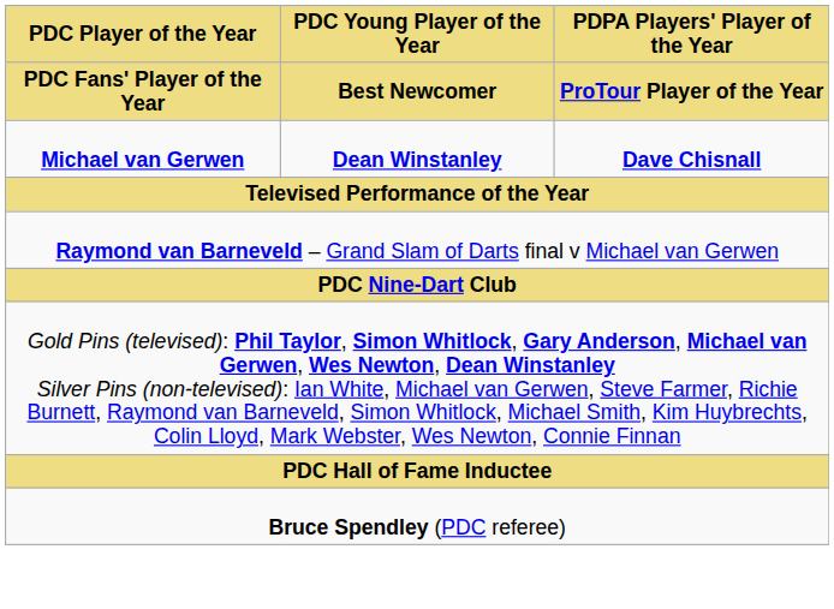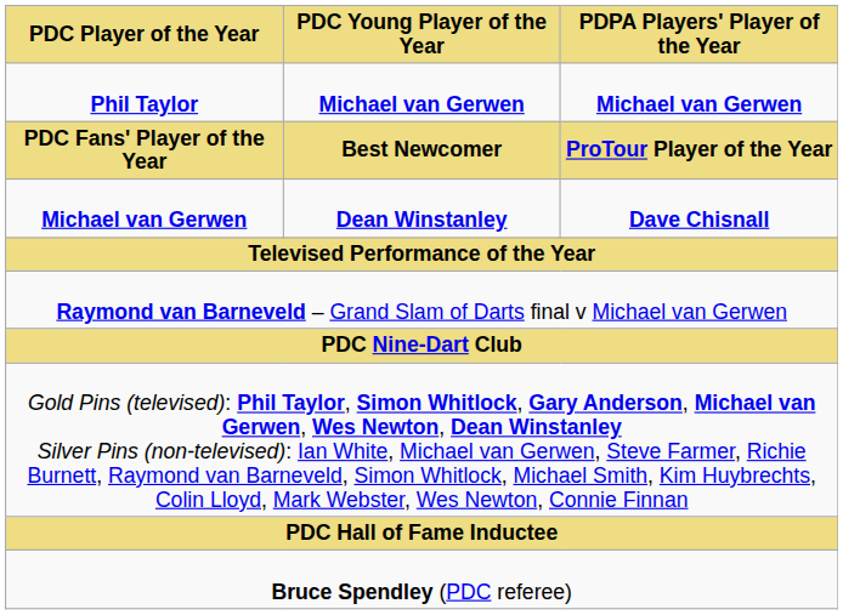 <table class="wikitable" style="width:100%; text-align:center">
 <tr>
 <th style="background:#EEDD82; width:33.33%">PDC Player of the Year</th>
 <th style="background:#EEDD82; width:33.33%">PDC Young Player of the Year</th>
 <th style="background:#EEDD82; width:33.33%">PDPA Players' Player of the Year</th>
+</tr>
+<tr>
+<td><br><strong><a href='#'>Phil Taylor</a></strong></td>
+<td><br><strong><a href='#'>Michael van Gerwen</a></strong></td>
+<td><br><strong><a href='#'>Michael van Gerwen</a></strong></td>
 </tr>
 <tr>
 <th style="background:#EEDD82;">PDC Fans' Player of the Year</th>
 <th style="background:#EEDD82;">Best Newcomer</th>
 <th style="background:#EEDD82;"><a href='#'>ProTour</a> Player of the Year</th>
 </tr>
 <tr>
 <td><br><strong><a href='#'>Michael van Gerwen</a></strong></td>
 <td><br><strong><a href='#'>Dean Winstanley</a></strong></td>
 <td><br><strong><a href='#'>Dave Chisnall</a></strong></td>
 </tr>
 <tr>
 <th colspan=3 style="background:#EEDD82;">Televised Performance of the Year</th>
 </tr>
 <tr>
 <td colspan=3><br><strong><a href='#'>Raymond van Barneveld</a></strong> – <a href='#'>Grand Slam of Darts</a> final v <a href='#'>Michael van Gerwen</a></td>
 </tr>
 <tr>
 <th colspan=3 style="background:#EEDD82;">PDC <a href='#'>Nine-Dart</a> Club</th>
 </tr>
 <tr>
 <td colspan=3><br><em>Gold Pins (televised)</em>: <strong><a href='#'>Phil Taylor</a></strong>, <strong><a href='#'>Simon Whitlock</a></strong>, <strong><a href='#'>Gary Anderson</a></strong>, <strong><a href='#'>Michael van Gerwen</a></strong>, <strong><a href='#'>Wes Newton</a></strong>, <strong><a href='#'>Dean Winstanley</a></strong><br><em>Silver Pins (non-televised)</em>: <a href='#'>Ian White</a>, <a href='#'>Michael van Gerwen</a>, <a href='#'>Steve Farmer</a>, <a href='#'>Richie Burnett</a>, <a href='#'>Raymond van Barneveld</a>, <a href='#'>Simon Whitlock</a>, <a href='#'>Michael Smith</a>, <a href='#'>Kim Huybrechts</a>, <a href='#'>Colin Lloyd</a>, <a href='#'>Mark Webster</a>, <a href='#'>Wes Newton</a>, <a href='#'>Connie Finnan</a></td>
 </tr>
 <tr>
 <th colspan=3 style="background:#EEDD82;">PDC Hall of Fame Inductee</th>
 </tr>
 <tr>
 <td colspan="3" style="text-align:center;"><br><strong>Bruce Spendley</strong> (<a href='#'>PDC</a> referee)</td>
 </tr>
 </table>
